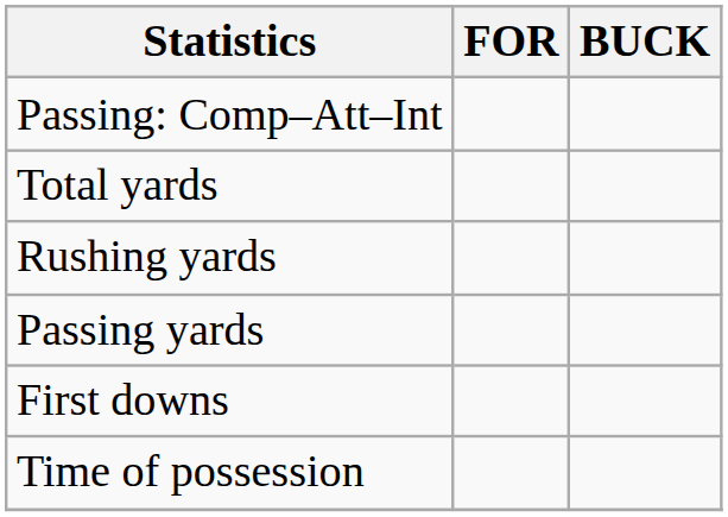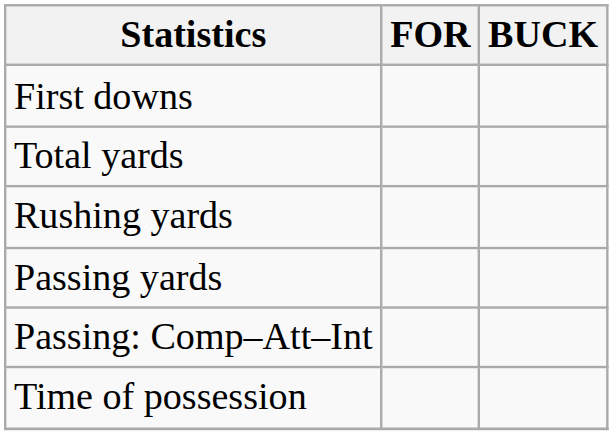 <table class="wikitable" style="float: left;">
 <tr>
 <th>Statistics</th>
 <th>FOR</th>
 <th>BUCK</th>
 </tr>
 <tr>
-<td>Passing: Comp–Att–Int</td>
+<td>First downs</td>
 <td></td>
 <td></td>
 </tr>
 <tr>
 <td>Total yards</td>
 <td></td>
 <td></td>
 </tr>
 <tr>
 <td>Rushing yards</td>
 <td></td>
 <td></td>
 </tr>
 <tr>
 <td>Passing yards</td>
 <td></td>
 <td></td>
 </tr>
 <tr>
-<td>First downs</td>
+<td>Passing: Comp–Att–Int</td>
 <td></td>
 <td></td>
 </tr>
 <tr>
 <td>Time of possession</td>
 <td></td>
 <td></td>
 </tr>
 <tr>
 </tr>
 </table>
